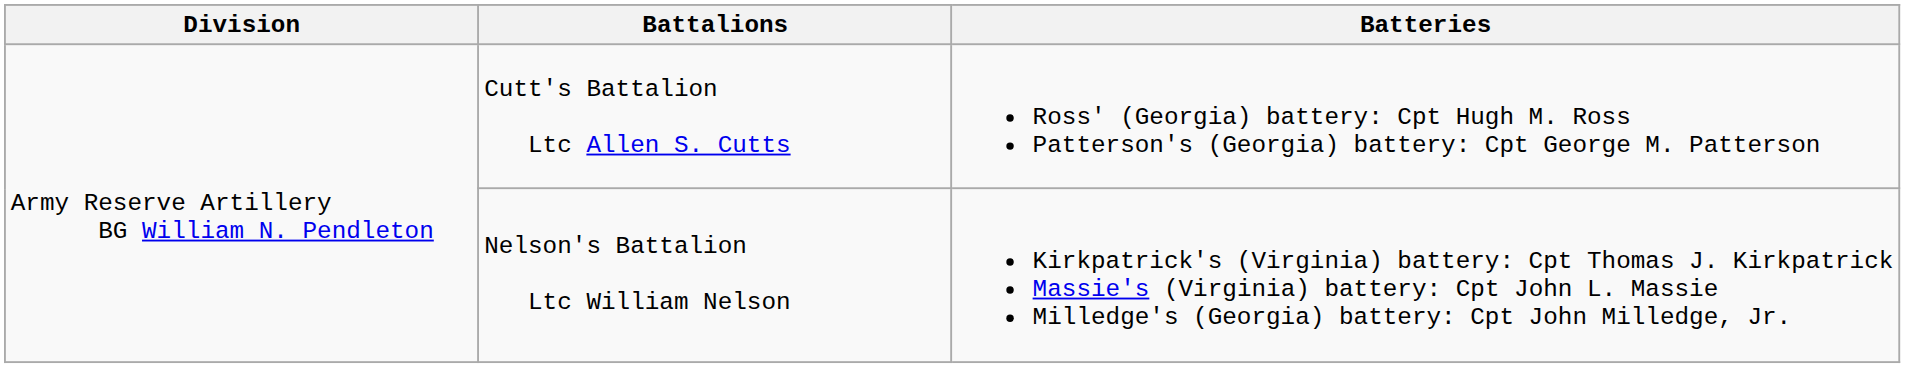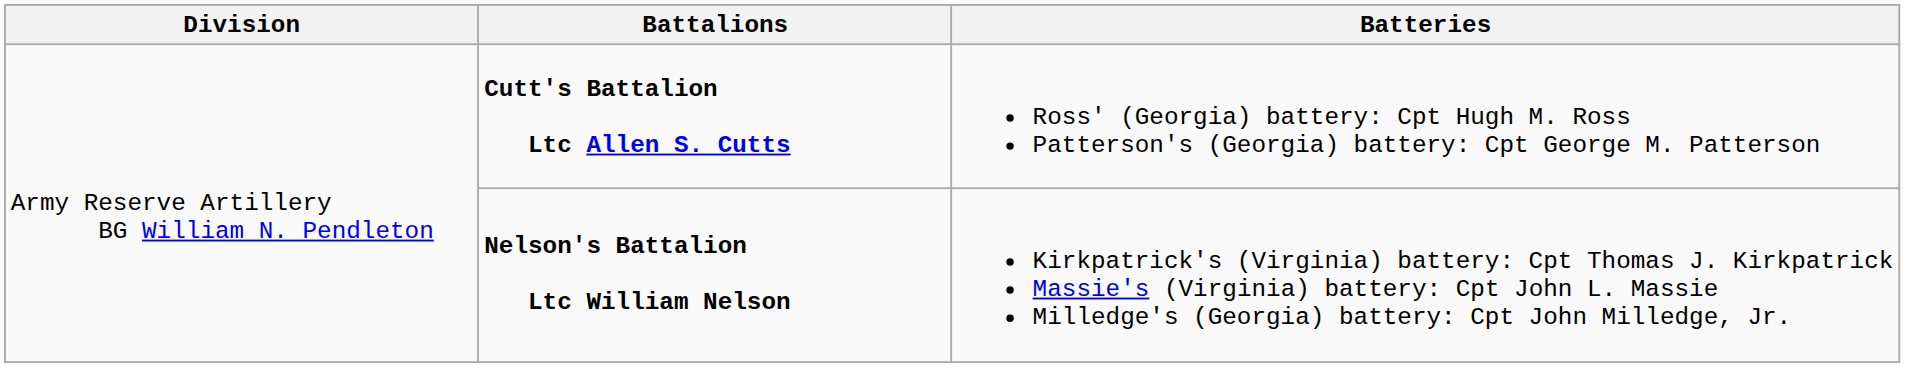 <table class="wikitable">
 <tr>
 <th width=25%>Division</th>
 <th width=25%>Battalions</th>
 <th>Batteries</th>
 </tr>
 <tr>
 <td rowspan=2><br>Army Reserve Artillery <br>      BG <a href='#'>William N. Pendleton</a></td>
-<td>Cutt's Battalion<br><br>   Ltc <a href='#'>Allen S. Cutts</a></td>
+<td><strong>Cutt's Battalion<br><br>   Ltc <a href='#'>Allen S. Cutts</a></strong></td>
 <td><br><ul><li>Ross' (Georgia) battery: Cpt Hugh M. Ross</li><li>Patterson's (Georgia) battery: Cpt George M. Patterson</li></ul></td>
 </tr>
 <tr>
-<td>Nelson's Battalion<br><br>   Ltc William Nelson</td>
+<td><strong>Nelson's Battalion<br><br>   Ltc William Nelson</strong></td>
 <td><br><ul><li>Kirkpatrick's (Virginia) battery: Cpt Thomas J. Kirkpatrick</li><li><a href='#'>Massie's</a> (Virginia) battery: Cpt John L. Massie</li><li>Milledge's (Georgia) battery: Cpt John Milledge, Jr.</li></ul></td>
 </tr>
 </table>
